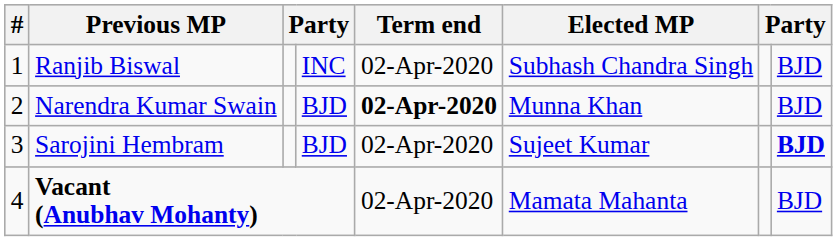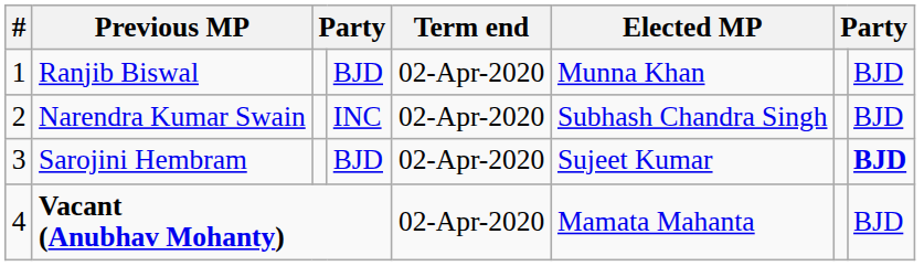 <table class="wikitable sortable">
 <tr>
 <th>#</th>
 <th>Previous MP</th>
 <th colspan="2">Party</th>
 <th>Term end</th>
 <th>Elected MP</th>
 <th colspan="2">Party</th>
 </tr>
 <tr>
 <td>1</td>
 <td><a href='#'>Ranjib Biswal</a></td>
 <td width="1px"></td>
-<td><a href='#'>INC</a></td>
+<td><a href='#'>BJD</a></td>
 <td>02-Apr-2020</td>
-<td><a href='#'>Subhash Chandra Singh</a></td>
+<td><a href='#'>Munna Khan</a></td>
 <td></td>
 <td><a href='#'>BJD</a></td>
 </tr>
 <tr>
 <td>2</td>
 <td><a href='#'>Narendra Kumar Swain</a></td>
 <td></td>
-<td><a href='#'>BJD</a></td>
-<td><strong>02-Apr-2020</strong></td>
-<td><a href='#'>Munna Khan</a></td>
+<td><a href='#'>INC</a></td>
+<td>02-Apr-2020</td>
+<td><a href='#'>Subhash Chandra Singh</a></td>
 <td></td>
 <td><a href='#'>BJD</a></td>
 </tr>
 <tr>
 <td>3</td>
 <td><a href='#'>Sarojini Hembram</a></td>
 <td></td>
 <td><a href='#'>BJD</a></td>
 <td>02-Apr-2020</td>
 <td><a href='#'>Sujeet Kumar</a></td>
 <td></td>
 <td><strong><a href='#'>BJD</a></strong></td>
 </tr>
 <tr>
 <td>4</td>
 <td colspan="3"><strong>Vacant<br> (<a href='#'>Anubhav Mohanty</a>)</strong></td>
 <td>02-Apr-2020</td>
 <td><a href='#'>Mamata Mahanta</a></td>
 <td></td>
 <td><a href='#'>BJD</a></td>
 </tr>
 </table>
